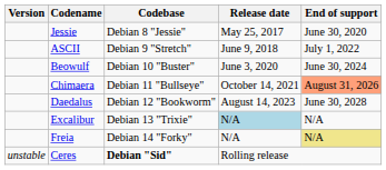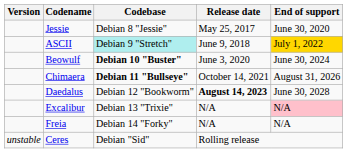 <table class="wikitable">
 <tr>
 <th>Version</th>
 <th>Codename</th>
 <th>Codebase</th>
 <th>Release date</th>
 <th>End of support</th>
 </tr>
 <tr>
 <td></td>
 <td><a href='#'>Jessie</a></td>
 <td>Debian 8 "Jessie"</td>
 <td>May 25, 2017</td>
 <td>June 30, 2020</td>
 </tr>
 <tr>
 <td></td>
 <td><a href='#'>ASCII</a></td>
-<td>Debian 9 "Stretch"</td>
+<td style="background: paleturquoise;">Debian 9 "Stretch"</td>
 <td>June 9, 2018</td>
-<td>July 1, 2022</td>
+<td style="background: gold;">July 1, 2022</td>
 </tr>
 <tr>
 <td></td>
 <td><a href='#'>Beowulf</a></td>
-<td>Debian 10 "Buster"</td>
+<td><strong>Debian 10 "Buster"</strong></td>
 <td>June 3, 2020</td>
 <td>June 30, 2024</td>
 </tr>
 <tr>
 <td></td>
 <td><a href='#'>Chimaera</a></td>
-<td>Debian 11 "Bullseye"</td>
+<td><strong>Debian 11 "Bullseye"</strong></td>
 <td>October 14, 2021</td>
-<td style="background: lightsalmon;">August 31, 2026</td>
+<td>August 31, 2026</td>
 </tr>
 <tr>
 <td></td>
 <td><a href='#'>Daedalus</a></td>
 <td>Debian 12 "Bookworm"</td>
-<td>August 14, 2023</td>
+<td><strong>August 14, 2023</strong></td>
 <td>June 30, 2028</td>
 </tr>
 <tr>
 <td></td>
 <td><a href='#'>Excalibur</a></td>
 <td>Debian 13 "Trixie"</td>
-<td style="background: lightblue;">N/A</td>
 <td>N/A</td>
+<td style="background: pink;">N/A</td>
 </tr>
 <tr>
 <td></td>
 <td><a href='#'>Freia</a></td>
 <td>Debian 14 "Forky"</td>
 <td>N/A</td>
-<td style="background: khaki;">N/A</td>
+<td>N/A</td>
 </tr>
 <tr>
 <td><em>unstable</em></td>
 <td><a href='#'>Ceres</a></td>
-<td><strong>Debian "Sid"</strong></td>
+<td>Debian "Sid"</td>
 <td colspan="2">Rolling release</td>
 </tr>
 </table>
